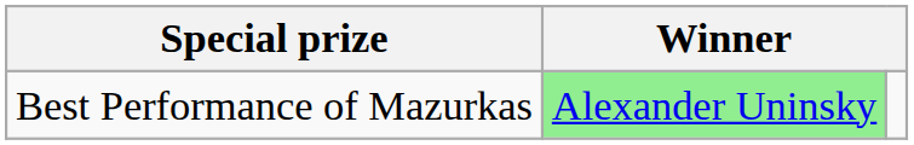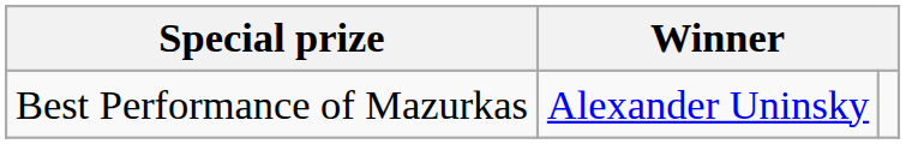 <table class="wikitable">
 <tr>
 <th>Special prize</th>
 <th colspan="2">Winner</th>
 </tr>
 <tr>
 <td>Best Performance of Mazurkas</td>
-<td style="background: lightgreen;"><a href='#'>Alexander Uninsky</a></td>
+<td><a href='#'>Alexander Uninsky</a></td>
 <td></td>
 </tr>
 </table>
